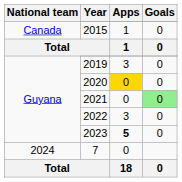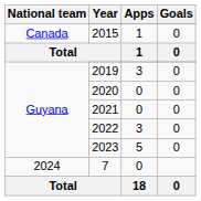 <table class="wikitable" style="text-align:center">
 <tr>
 <th>National team</th>
 <th>Year</th>
 <th>Apps</th>
 <th>Goals</th>
 </tr>
 <tr>
 <td rowspan="2"><a href='#'>Canada</a></td>
 </tr>
 <tr>
 <td>2015</td>
 <td>1</td>
 <td>0</td>
 </tr>
 <tr>
 <th colspan="2">Total</th>
 <th>1</th>
 <th>0</th>
 </tr>
 <tr>
 <td rowspan="6"><a href='#'>Guyana</a></td>
 </tr>
 <tr>
 <td>2019</td>
 <td>3</td>
 <td>0</td>
 </tr>
 <tr>
 <td>2020</td>
-<td style="background: gold;">0</td>
+<td>0</td>
 <td>0</td>
 </tr>
 <tr>
 <td>2021</td>
 <td>0</td>
-<td style="background: lightgreen;">0</td>
+<td>0</td>
 </tr>
 <tr>
 <td>2022</td>
 <td>3</td>
 <td>0</td>
 </tr>
 <tr>
 <td>2023</td>
-<td><strong>5</strong></td>
+<td>5</td>
 <td>0</td>
 </tr>
 <tr>
 <td>2024</td>
 <td>7</td>
 <td>0</td>
 </tr>
 <tr>
 <th colspan="2">Total</th>
 <th>18</th>
 <th>0</th>
 </tr>
 </table>
